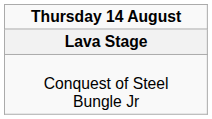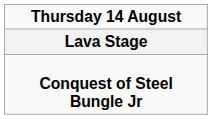 <table class="wikitable">
 <tr>
 <td colspan="3" align="center"><strong>Thursday 14 August</strong></td>
 </tr>
 <tr>
 <th>Lava Stage</th>
 </tr>
 <tr>
-<td valign="top" align="center" width=200><br>Conquest of Steel<br> Bungle Jr<br></td>
+<td valign="top" align="center" width=200><strong><br>Conquest of Steel<br> Bungle Jr<br></strong></td>
 </tr>
 </table>
